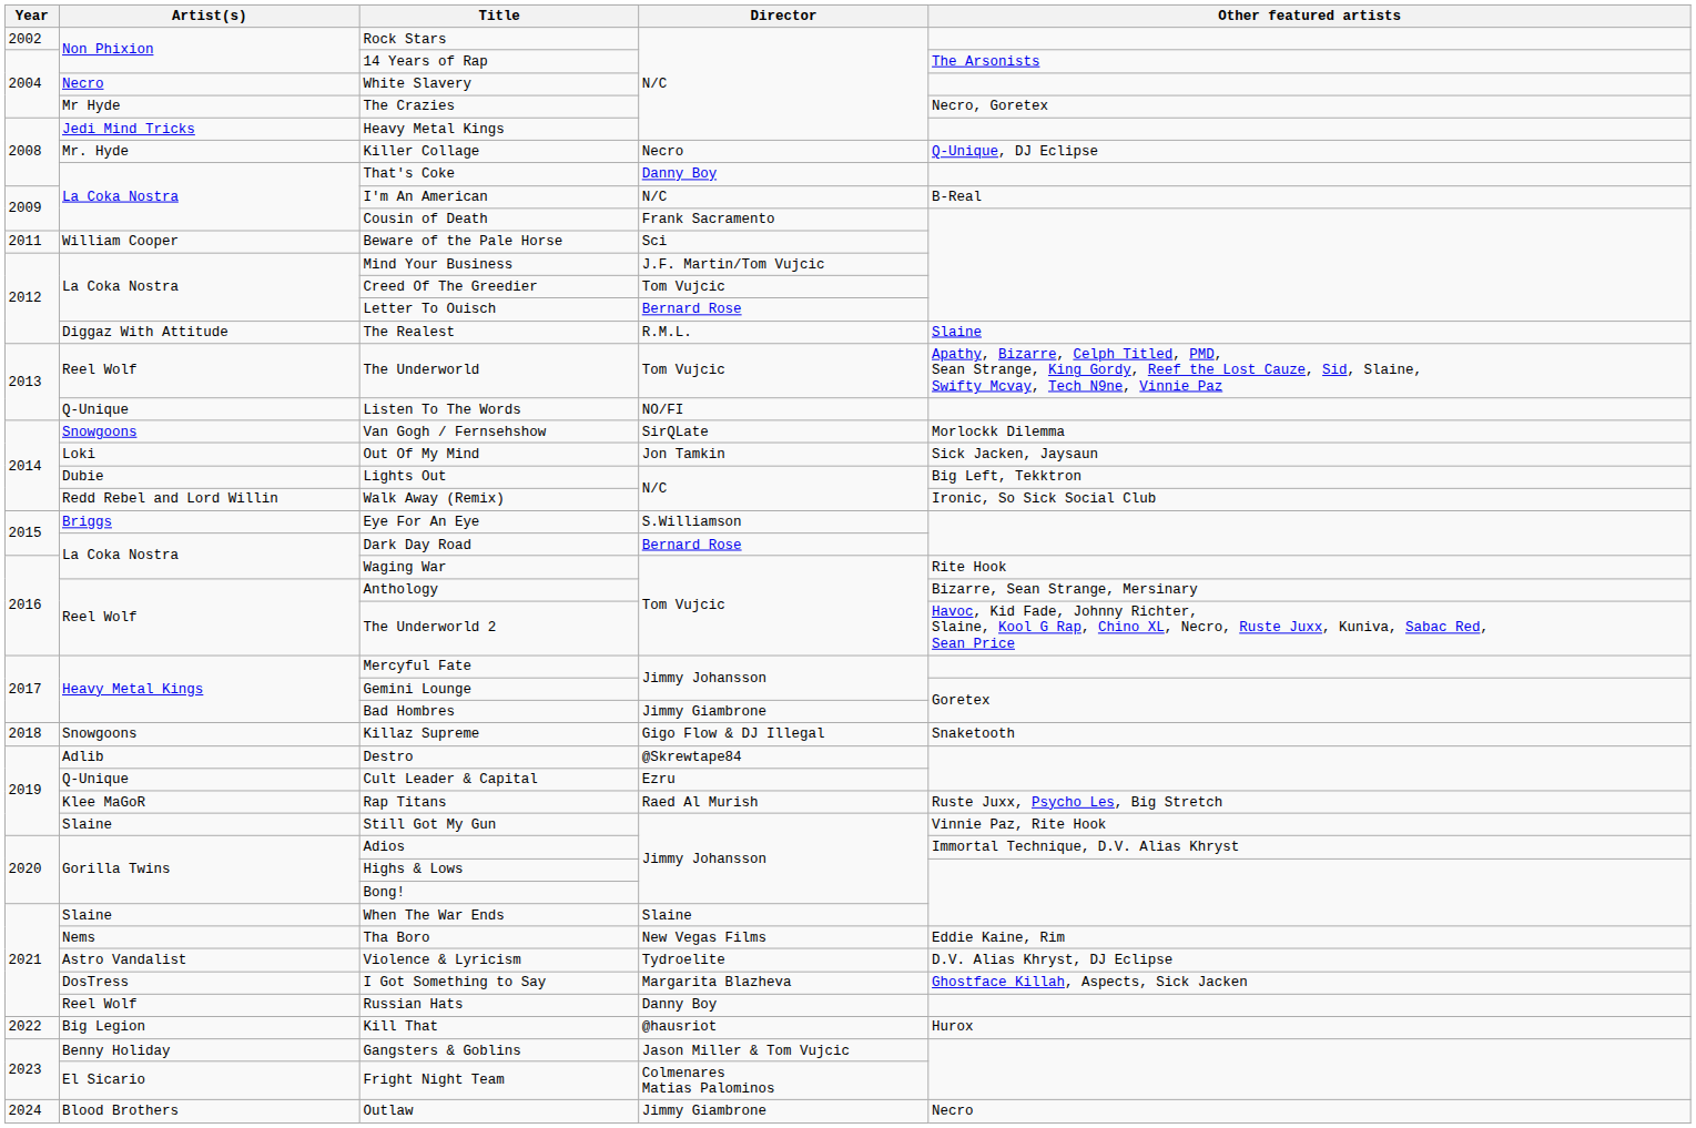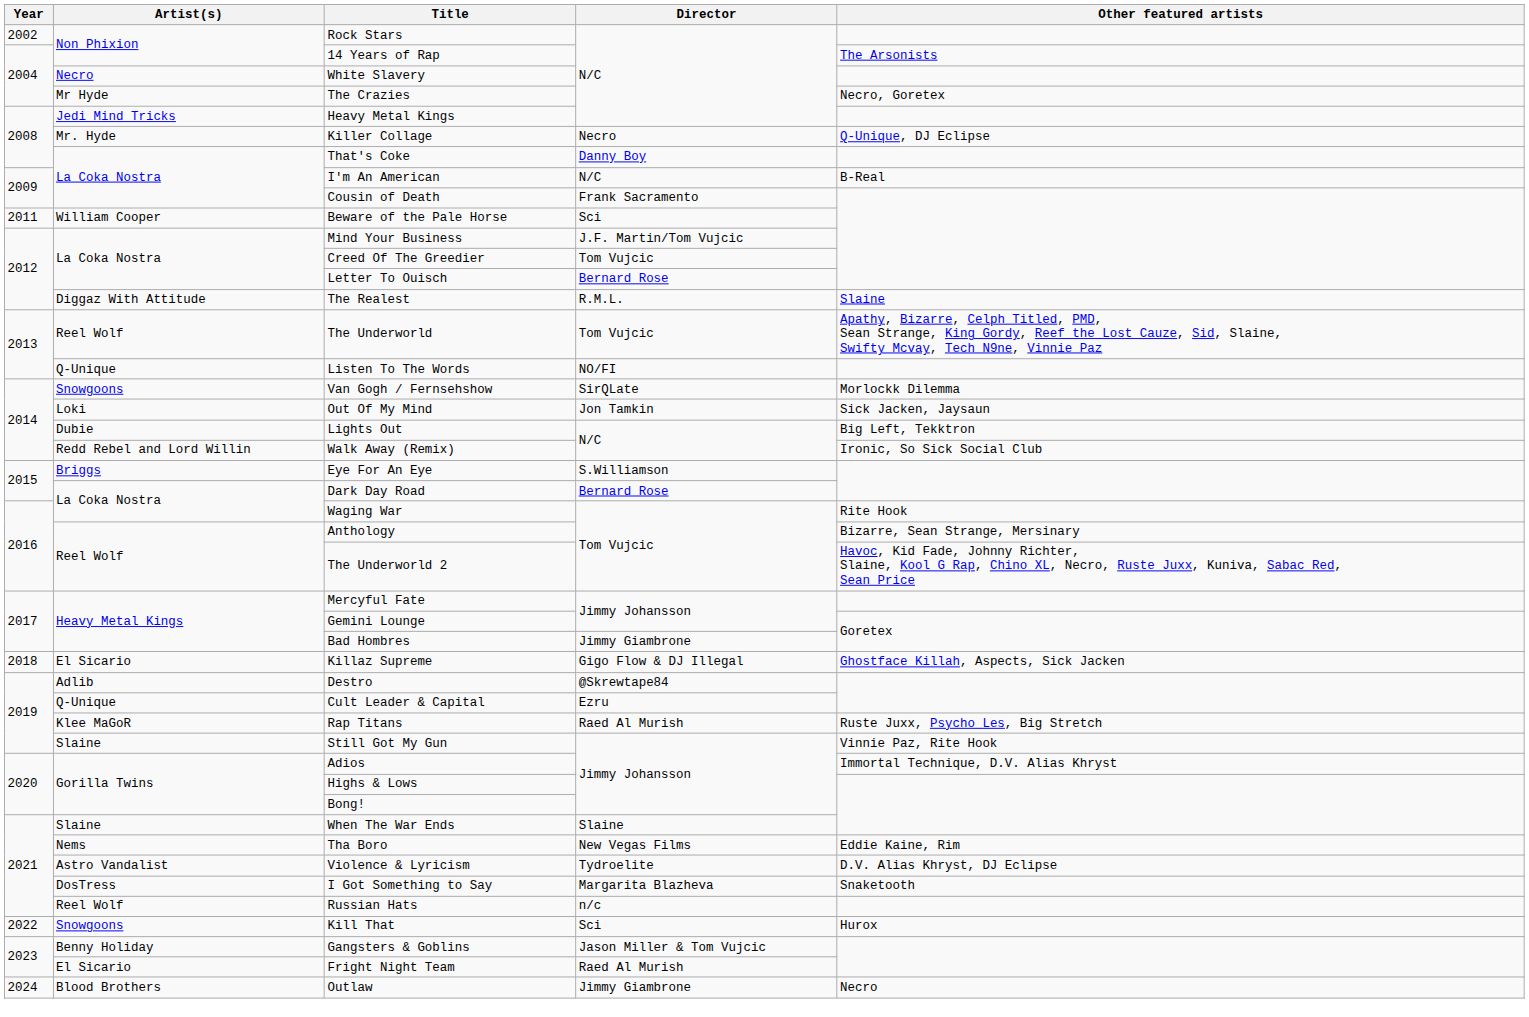 <table class="wikitable sortable" style="width:100%">
 <tr>
 <th>Year</th>
 <th>Artist(s)</th>
 <th>Title</th>
 <th>Director</th>
 <th>Other featured artists</th>
 </tr>
 <tr>
 <td>2002</td>
 <td rowspan="2"><a href='#'>Non Phixion</a></td>
 <td>Rock Stars</td>
 <td rowspan="5">N/C</td>
 <td></td>
 </tr>
 <tr>
 <td rowspan="3">2004</td>
 <td>14 Years of Rap</td>
 <td><a href='#'>The Arsonists</a></td>
 </tr>
 <tr>
 <td><a href='#'>Necro</a></td>
 <td>White Slavery</td>
 <td></td>
 </tr>
 <tr>
 <td>Mr Hyde</td>
 <td>The Crazies</td>
 <td>Necro, Goretex</td>
 </tr>
 <tr>
 <td rowspan="3">2008</td>
 <td><a href='#'>Jedi Mind Tricks</a></td>
 <td>Heavy Metal Kings</td>
 <td></td>
 </tr>
 <tr>
 <td>Mr. Hyde</td>
 <td>Killer Collage</td>
 <td>Necro</td>
 <td><a href='#'>Q-Unique</a>, DJ Eclipse</td>
 </tr>
 <tr>
 <td rowspan="3"><a href='#'>La Coka Nostra</a></td>
 <td>That's Coke</td>
 <td><a href='#'>Danny Boy</a></td>
 <td></td>
 </tr>
 <tr>
 <td rowspan="2">2009</td>
 <td>I'm An American</td>
 <td>N/C</td>
 <td>B-Real</td>
 </tr>
 <tr>
 <td>Cousin of Death</td>
 <td>Frank Sacramento</td>
 <td rowspan="5"></td>
 </tr>
 <tr>
 <td>2011</td>
 <td>William Cooper</td>
 <td>Beware of the Pale Horse</td>
 <td>Sci</td>
 </tr>
 <tr>
 <td rowspan="4">2012</td>
 <td rowspan="3">La Coka Nostra</td>
 <td>Mind Your Business</td>
 <td>J.F. Martin/Tom Vujcic</td>
 </tr>
 <tr>
 <td>Creed Of The Greedier</td>
 <td>Tom Vujcic</td>
 </tr>
 <tr>
 <td>Letter To Ouisch</td>
 <td><a href='#'>Bernard Rose</a></td>
 </tr>
 <tr>
 <td>Diggaz With Attitude</td>
 <td>The Realest</td>
 <td>R.M.L.</td>
 <td><a href='#'>Slaine</a></td>
 </tr>
 <tr>
 <td rowspan="2">2013</td>
 <td>Reel Wolf</td>
 <td>The Underworld</td>
 <td>Tom Vujcic</td>
 <td><a href='#'>Apathy</a>, <a href='#'>Bizarre</a>, <a href='#'>Celph Titled</a>, <a href='#'>PMD</a>,<br>Sean Strange, <a href='#'>King Gordy</a>, <a href='#'>Reef the Lost Cauze</a>, <a href='#'>Sid</a>, Slaine,<br><a href='#'>Swifty Mcvay</a>, <a href='#'>Tech N9ne</a>, <a href='#'>Vinnie Paz</a></td>
 </tr>
 <tr>
 <td>Q-Unique</td>
 <td>Listen To The Words</td>
 <td>NO/FI</td>
 <td></td>
 </tr>
 <tr>
 <td rowspan="4">2014</td>
 <td><a href='#'>Snowgoons</a></td>
 <td>Van Gogh / Fernsehshow</td>
 <td>SirQLate</td>
 <td>Morlockk Dilemma</td>
 </tr>
 <tr>
 <td>Loki</td>
 <td>Out Of My Mind</td>
 <td>Jon Tamkin</td>
 <td>Sick Jacken, Jaysaun</td>
 </tr>
 <tr>
 <td>Dubie</td>
 <td>Lights Out</td>
 <td rowspan="2">N/C</td>
 <td>Big Left, Tekktron</td>
 </tr>
 <tr>
 <td>Redd Rebel and Lord Willin</td>
 <td>Walk Away (Remix)</td>
 <td>Ironic, So Sick Social Club</td>
 </tr>
 <tr>
 <td rowspan="2">2015</td>
 <td><a href='#'>Briggs</a></td>
 <td>Eye For An Eye</td>
 <td>S.Williamson</td>
 <td rowspan="2"></td>
 </tr>
 <tr>
 <td rowspan="2">La Coka Nostra</td>
 <td>Dark Day Road</td>
 <td><a href='#'>Bernard Rose</a></td>
 </tr>
 <tr>
 <td rowspan="3">2016</td>
 <td>Waging War</td>
 <td rowspan="3">Tom Vujcic</td>
 <td>Rite Hook</td>
 </tr>
 <tr>
 <td rowspan="2">Reel Wolf</td>
 <td>Anthology</td>
 <td>Bizarre, Sean Strange, Mersinary</td>
 </tr>
 <tr>
 <td>The Underworld 2</td>
 <td><a href='#'>Havoc</a>, Kid Fade, Johnny Richter,<br>Slaine, <a href='#'>Kool G Rap</a>, <a href='#'>Chino XL</a>, Necro, <a href='#'>Ruste Juxx</a>, Kuniva, <a href='#'>Sabac Red</a>,<br><a href='#'>Sean Price</a></td>
 </tr>
 <tr>
 <td rowspan="3">2017</td>
 <td rowspan="3"><a href='#'>Heavy Metal Kings</a></td>
 <td>Mercyful Fate</td>
 <td rowspan="2">Jimmy Johansson</td>
 <td></td>
 </tr>
 <tr>
 <td>Gemini Lounge</td>
 <td rowspan="2">Goretex</td>
 </tr>
 <tr>
 <td>Bad Hombres</td>
 <td>Jimmy Giambrone</td>
 </tr>
 <tr>
 <td>2018</td>
-<td>Snowgoons</td>
+<td>El Sicario</td>
 <td>Killaz Supreme</td>
 <td>Gigo Flow & DJ Illegal</td>
-<td>Snaketooth</td>
+<td><a href='#'>Ghostface Killah</a>, Aspects, Sick Jacken</td>
 </tr>
 <tr>
 <td rowspan="4">2019</td>
 <td>Adlib</td>
 <td>Destro</td>
 <td>@Skrewtape84</td>
 <td rowspan="2"></td>
 </tr>
 <tr>
 <td>Q-Unique</td>
 <td>Cult Leader & Capital</td>
 <td>Ezru</td>
 </tr>
 <tr>
 <td>Klee MaGoR</td>
 <td>Rap Titans</td>
 <td>Raed Al Murish</td>
 <td>Ruste Juxx, <a href='#'>Psycho Les</a>, Big Stretch</td>
 </tr>
 <tr>
 <td>Slaine</td>
 <td>Still Got My Gun</td>
 <td rowspan="4">Jimmy Johansson</td>
 <td>Vinnie Paz, Rite Hook</td>
 </tr>
 <tr>
 <td rowspan="3">2020</td>
 <td rowspan="3">Gorilla Twins</td>
 <td>Adios</td>
 <td>Immortal Technique, D.V. Alias Khryst</td>
 </tr>
 <tr>
 <td>Highs & Lows</td>
 <td rowspan="3"></td>
 </tr>
 <tr>
 <td>Bong!</td>
 </tr>
 <tr>
 <td rowspan="5">2021</td>
 <td>Slaine</td>
 <td>When The War Ends</td>
 <td>Slaine</td>
 </tr>
 <tr>
 <td>Nems</td>
 <td>Tha Boro</td>
 <td>New Vegas Films</td>
 <td>Eddie Kaine, Rim</td>
 </tr>
 <tr>
 <td>Astro Vandalist</td>
 <td>Violence & Lyricism</td>
 <td>Tydroelite</td>
 <td>D.V. Alias Khryst, DJ Eclipse</td>
 </tr>
 <tr>
 <td>DosTress</td>
 <td>I Got Something to Say</td>
 <td>Margarita Blazheva</td>
-<td><a href='#'>Ghostface Killah</a>, Aspects, Sick Jacken</td>
+<td>Snaketooth</td>
 </tr>
 <tr>
 <td>Reel Wolf</td>
 <td>Russian Hats</td>
-<td>Danny Boy</td>
+<td>n/c</td>
 <td></td>
 </tr>
 <tr>
 <td>2022</td>
-<td>Big Legion</td>
+<td><a href='#'>Snowgoons</a></td>
 <td>Kill That</td>
-<td>@hausriot</td>
+<td>Sci</td>
 <td>Hurox</td>
 </tr>
 <tr>
 <td rowspan="2">2023</td>
 <td>Benny Holiday</td>
 <td>Gangsters & Goblins</td>
 <td>Jason Miller & Tom Vujcic</td>
 <td rowspan="2"></td>
 </tr>
 <tr>
 <td>El Sicario</td>
 <td>Fright Night Team</td>
-<td>Colmenares<br>Matias Palominos</td>
+<td>Raed Al Murish</td>
 </tr>
 <tr>
 <td>2024</td>
 <td>Blood Brothers</td>
 <td>Outlaw</td>
 <td>Jimmy Giambrone</td>
 <td>Necro</td>
 </tr>
 </table>
